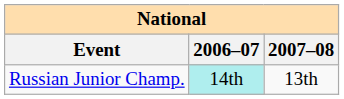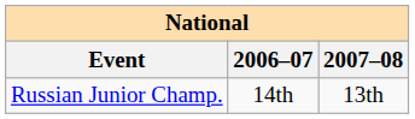 <table class="wikitable" style="text-align:center">
 <tr>
 <th style="background-color: #ffdead; " colspan=3 align=center>National</th>
 </tr>
 <tr>
 <th>Event</th>
 <th>2006–07</th>
 <th>2007–08</th>
 </tr>
 <tr>
 <td align=left><a href='#'>Russian Junior Champ.</a></td>
-<td style="background: paleturquoise;">14th</td>
+<td>14th</td>
 <td>13th</td>
 </tr>
 </table>
